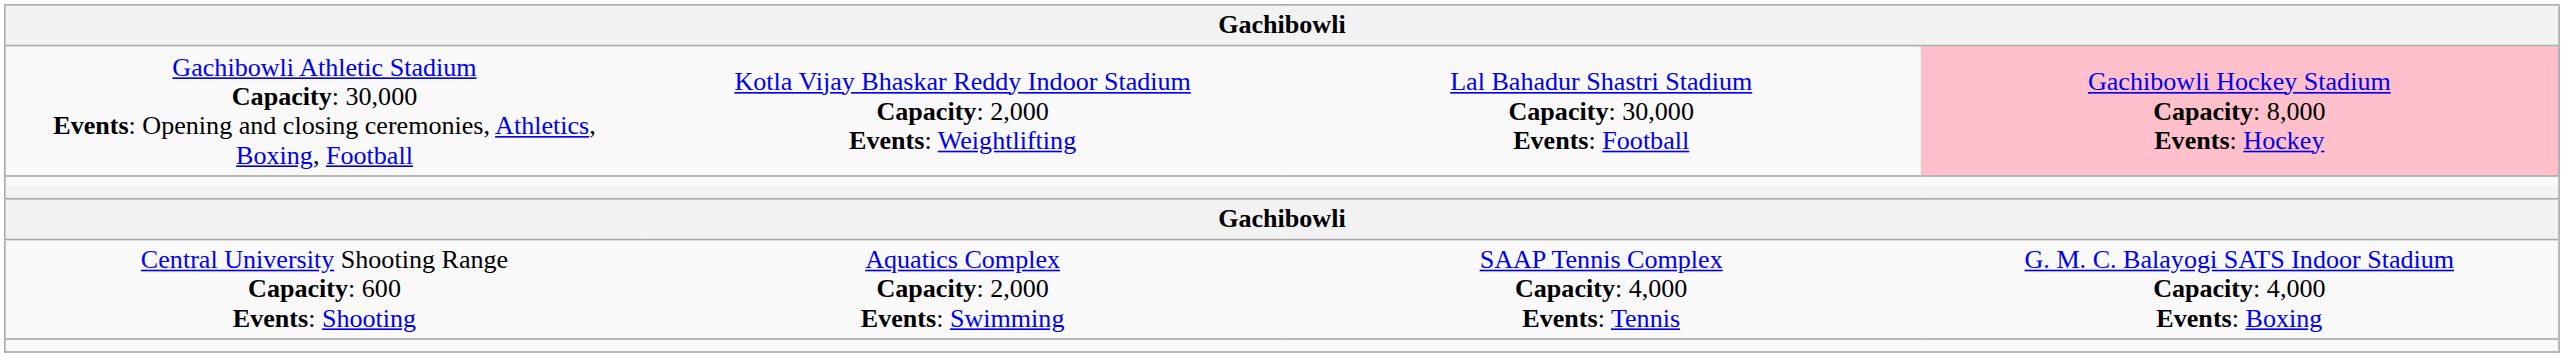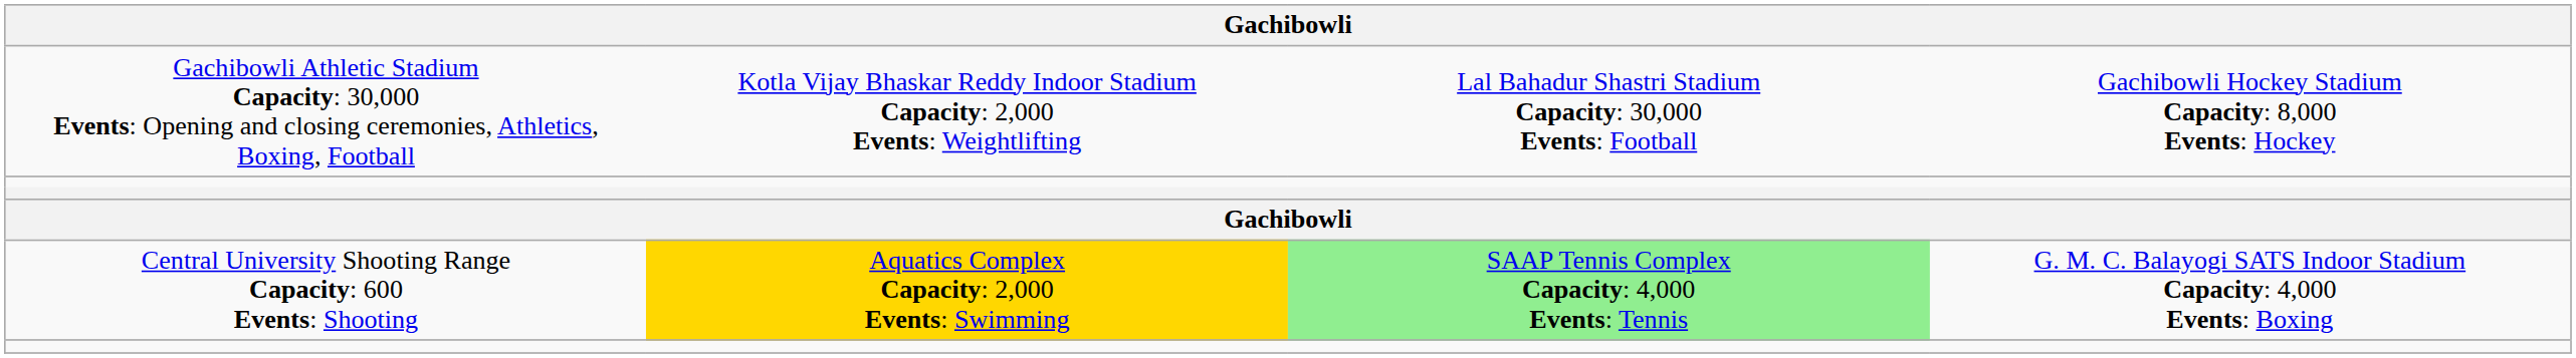 <table class="wikitable" style="text-align:center;">
 <tr>
 <th style="border-left:none; border-right:none;" colspan="4">Gachibowli</th>
 </tr>
 <tr>
 <td style="border-left:none; border-right:none;" width="10%"><a href='#'>Gachibowli Athletic Stadium</a><br><strong>Capacity</strong>: 30,000<br><strong>Events</strong>: Opening and closing ceremonies, <a href='#'>Athletics</a>, <a href='#'>Boxing</a>, <a href='#'>Football</a></td>
 <td style="border-left:none; border-right:none;" width="10%"><a href='#'>Kotla Vijay Bhaskar Reddy Indoor Stadium</a><br><strong>Capacity</strong>: 2,000<br><strong>Events</strong>: <a href='#'>Weightlifting</a></td>
 <td style="border-left:none; border-right:none;" width="10%"><a href='#'>Lal Bahadur Shastri Stadium</a><br><strong>Capacity</strong>: 30,000<br><strong>Events</strong>: <a href='#'>Football</a></td>
-<td style="background: pink; border-left:none; border-right:none;" width="10%"><a href='#'>Gachibowli Hockey Stadium</a><br><strong>Capacity</strong>: 8,000<br><strong>Events</strong>: <a href='#'>Hockey</a></td>
+<td style="border-left:none; border-right:none;" width="10%"><a href='#'>Gachibowli Hockey Stadium</a><br><strong>Capacity</strong>: 8,000<br><strong>Events</strong>: <a href='#'>Hockey</a></td>
 </tr>
 <tr>
 <td style="border:none;"></td>
 <td style="border:none;"></td>
 <td style="border:none;"></td>
 <td style="border:none;"></td>
 </tr>
 <tr>
 <th style="border:none;" colspan="4"></th>
 </tr>
 <tr>
 <th style="border-left:none; border-right:none;" colspan="4">Gachibowli</th>
 </tr>
 <tr>
 <td style="border-left:none; border-right:none;"><a href='#'>Central University</a> Shooting Range<br><strong>Capacity</strong>: 600<br><strong>Events</strong>: <a href='#'>Shooting</a></td>
-<td style="border-left:none; border-right:none;"><a href='#'>Aquatics Complex</a><br><strong>Capacity</strong>: 2,000<br><strong>Events</strong>: <a href='#'>Swimming</a></td>
-<td style="border-left:none; border-right:none;"><a href='#'>SAAP Tennis Complex</a><br><strong>Capacity</strong>: 4,000<br><strong>Events</strong>: <a href='#'>Tennis</a></td>
+<td style="background: gold; border-left:none; border-right:none;"><a href='#'>Aquatics Complex</a><br><strong>Capacity</strong>: 2,000<br><strong>Events</strong>: <a href='#'>Swimming</a></td>
+<td style="background: lightgreen; border-left:none; border-right:none;"><a href='#'>SAAP Tennis Complex</a><br><strong>Capacity</strong>: 4,000<br><strong>Events</strong>: <a href='#'>Tennis</a></td>
 <td style="border-left:none; border-right:none;"><a href='#'>G. M. C. Balayogi SATS Indoor Stadium</a><br><strong>Capacity</strong>: 4,000<br><strong>Events</strong>: <a href='#'>Boxing</a></td>
 </tr>
 <tr>
 <td style="border:none;"></td>
 <td style="border:none;"></td>
 <td style="border:none;"></td>
 <td style="border:none;"></td>
 </tr>
 </table>
